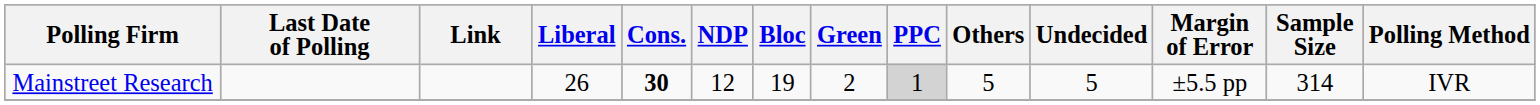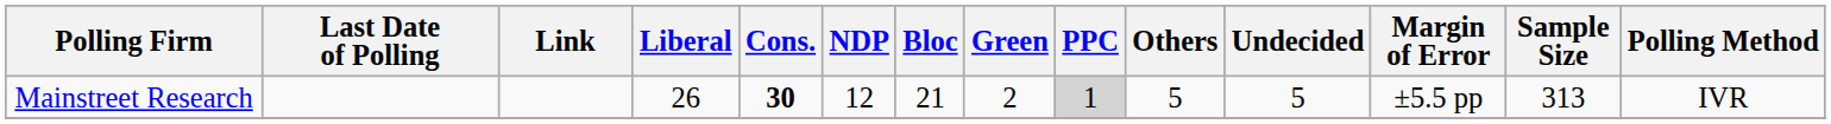 <table class="wikitable sortable" style="text-align:center;font-size:90%;line-height:14px;">
 <tr style="background:#e9e9e9;">
 <th style="width:120px">Polling Firm</th>
 <th style="width:110px">Last Date<br>of Polling</th>
 <th style="width:60px" class="unsortable">Link</th>
 <th style="background-color:"><a href='#'>Liberal</a></th>
 <th style="background-color:"><a href='#'>Cons.</a></th>
 <th style="background-color:"><a href='#'>NDP</a></th>
 <th style="background-color:"><a href='#'>Bloc</a></th>
 <th style="background-color:"><a href='#'>Green</a></th>
 <th style="background-color:"><a href='#'><span>PPC</span></a></th>
 <th style="background-color:">Others</th>
 <th style="background-color:">Undecided</th>
 <th style="width:60px;" class=unsortable>Margin<br>of Error</th>
 <th style="width:50px;" class=unsortable>Sample<br>Size</th>
 <th class=unsortable>Polling Method</th>
 </tr>
 <tr>
 <td><a href='#'>Mainstreet Research</a></td>
 <td></td>
 <td></td>
 <td>26</td>
 <td><strong>30</strong></td>
 <td>12</td>
-<td>19</td>
+<td>21</td>
 <td>2</td>
 <td style="background: lightgrey;">1</td>
 <td>5</td>
 <td>5</td>
 <td>±5.5 pp</td>
-<td>314</td>
+<td>313</td>
 <td>IVR</td>
 </tr>
 <tr>
 </tr>
 </table>
